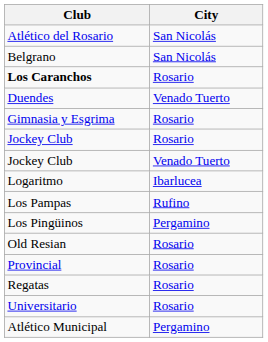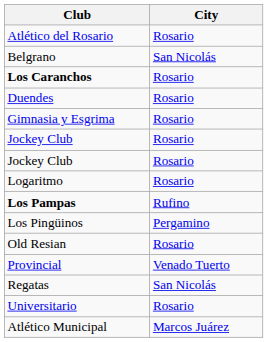 <table class="wikitable sortable">
 <tr>
 <th width=170px>Club</th>
 <th width=130px>City</th>
 </tr>
 <tr>
 <td><a href='#'>Atlético del Rosario</a> </td>
-<td><a href='#'>San Nicolás</a> </td>
+<td><a href='#'>Rosario</a></td>
 </tr>
 <tr>
 <td>Belgrano</td>
 <td><a href='#'>San Nicolás</a> </td>
 </tr>
 <tr>
 <td><strong>Los Caranchos</strong></td>
 <td><a href='#'>Rosario</a></td>
 </tr>
 <tr>
 <td><a href='#'>Duendes</a></td>
-<td><a href='#'>Venado Tuerto</a></td>
+<td><a href='#'>Rosario</a></td>
 </tr>
 <tr>
 <td><a href='#'>Gimnasia y Esgrima</a></td>
 <td><a href='#'>Rosario</a></td>
 </tr>
 <tr>
 <td><a href='#'>Jockey Club</a></td>
 <td><a href='#'>Rosario</a></td>
 </tr>
 <tr>
 <td>Jockey Club</td>
-<td><a href='#'>Venado Tuerto</a></td>
+<td><a href='#'>Rosario</a></td>
 </tr>
 <tr>
 <td>Logaritmo</td>
-<td><a href='#'>Ibarlucea</a></td>
+<td><a href='#'>Rosario</a></td>
 </tr>
 <tr>
-<td>Los Pampas</td>
+<td><strong>Los Pampas</strong></td>
 <td><a href='#'>Rufino</a></td>
 </tr>
 <tr>
 <td>Los Pingüinos</td>
 <td><a href='#'>Pergamino</a> </td>
 </tr>
 <tr>
 <td>Old Resian</td>
 <td><a href='#'>Rosario</a></td>
 </tr>
 <tr>
 <td><a href='#'>Provincial</a></td>
-<td><a href='#'>Rosario</a></td>
+<td><a href='#'>Venado Tuerto</a></td>
 </tr>
 <tr>
 <td>Regatas</td>
-<td><a href='#'>Rosario</a></td>
+<td><a href='#'>San Nicolás</a> </td>
 </tr>
 <tr>
 <td><a href='#'>Universitario</a></td>
 <td><a href='#'>Rosario</a></td>
 </tr>
 <tr>
 <td>Atlético Municipal</td>
-<td><a href='#'>Pergamino</a> </td>
+<td><a href='#'>Marcos Juárez</a> </td>
 </tr>
 </table>
